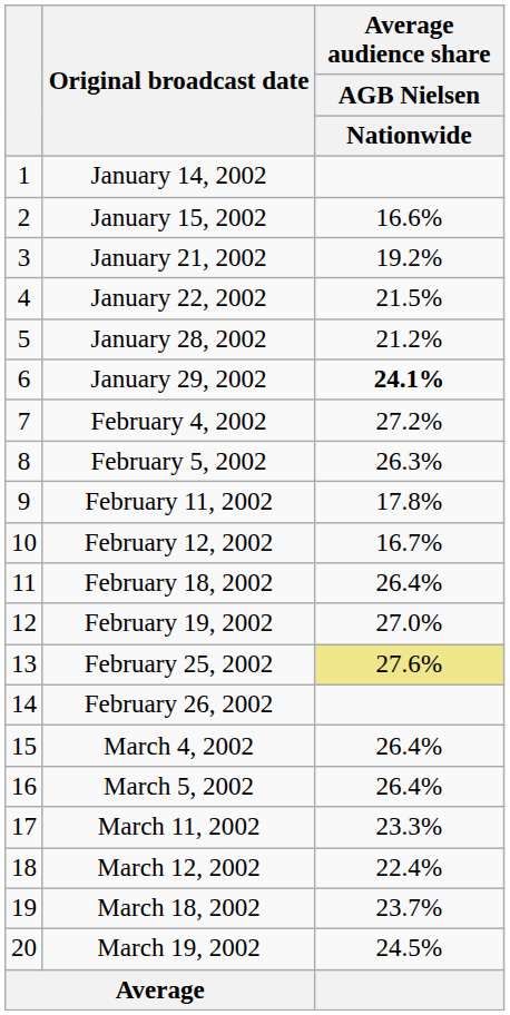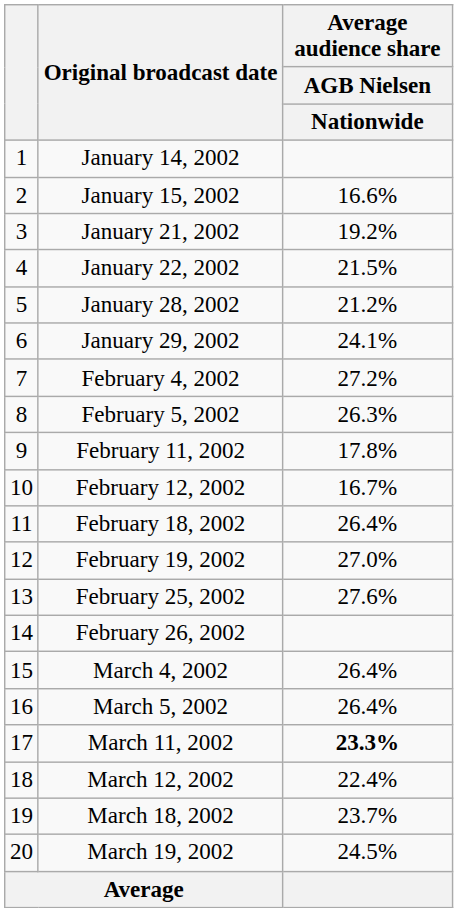 <table class="wikitable" style="text-align:center">
 <tr>
 <th rowspan="3"></th>
 <th rowspan="3">Original broadcast date</th>
 <th colspan="1">Average audience share</th>
 </tr>
 <tr>
 <th>AGB Nielsen</th>
 </tr>
 <tr>
 <th width="110">Nationwide</th>
 </tr>
 <tr>
 <td>1</td>
 <td>January 14, 2002</td>
 <td></td>
 </tr>
 <tr>
 <td>2</td>
 <td>January 15, 2002</td>
 <td>16.6%</td>
 </tr>
 <tr>
 <td>3</td>
 <td>January 21, 2002</td>
 <td>19.2%</td>
 </tr>
 <tr>
 <td>4</td>
 <td>January 22, 2002</td>
 <td>21.5%</td>
 </tr>
 <tr>
 <td>5</td>
 <td>January 28, 2002</td>
 <td>21.2%</td>
 </tr>
 <tr>
 <td>6</td>
 <td>January 29, 2002</td>
-<td><strong>24.1%</strong></td>
+<td>24.1%</td>
 </tr>
 <tr>
 <td>7</td>
 <td>February 4, 2002</td>
 <td>27.2%</td>
 </tr>
 <tr>
 <td>8</td>
 <td>February 5, 2002</td>
 <td>26.3%</td>
 </tr>
 <tr>
 <td>9</td>
 <td>February 11, 2002</td>
 <td>17.8%</td>
 </tr>
 <tr>
 <td>10</td>
 <td>February 12, 2002</td>
 <td>16.7%</td>
 </tr>
 <tr>
 <td>11</td>
 <td>February 18, 2002</td>
 <td>26.4%</td>
 </tr>
 <tr>
 <td>12</td>
 <td>February 19, 2002</td>
 <td>27.0%</td>
 </tr>
 <tr>
 <td>13</td>
 <td>February 25, 2002</td>
-<td style="background: khaki;">27.6%</td>
+<td>27.6%</td>
 </tr>
 <tr>
 <td>14</td>
 <td>February 26, 2002</td>
 <td></td>
 </tr>
 <tr>
 <td>15</td>
 <td>March 4, 2002</td>
 <td>26.4%</td>
 </tr>
 <tr>
 <td>16</td>
 <td>March 5, 2002</td>
 <td>26.4%</td>
 </tr>
 <tr>
 <td>17</td>
 <td>March 11, 2002</td>
-<td>23.3%</td>
+<td><strong>23.3%</strong></td>
 </tr>
 <tr>
 <td>18</td>
 <td>March 12, 2002</td>
 <td>22.4%</td>
 </tr>
 <tr>
 <td>19</td>
 <td>March 18, 2002</td>
 <td>23.7%</td>
 </tr>
 <tr>
 <td>20</td>
 <td>March 19, 2002</td>
 <td>24.5%</td>
 </tr>
 <tr>
 <th colspan="2">Average</th>
 <th></th>
 </tr>
 </table>
